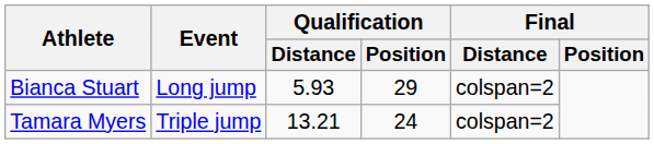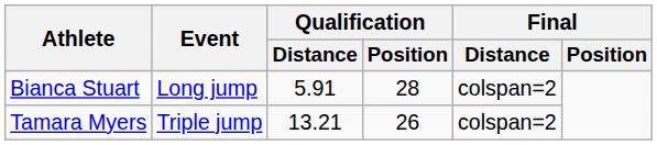 <table class=wikitable style=font-size:90%>
 <tr>
 <th rowspan=2>Athlete</th>
 <th rowspan=2>Event</th>
 <th colspan=2>Qualification</th>
 <th colspan=2>Final</th>
 </tr>
 <tr style=font-size:95%>
 <th>Distance</th>
 <th>Position</th>
 <th>Distance</th>
 <th>Position</th>
 </tr>
 <tr align=center>
 <td align=left><a href='#'>Bianca Stuart</a></td>
 <td align=left><a href='#'>Long jump</a></td>
-<td>5.93</td>
-<td>29</td>
+<td>5.91</td>
+<td>28</td>
 <td>colspan=2 </td>
 </tr>
 <tr align=center>
 <td align=left><a href='#'>Tamara Myers</a></td>
 <td align=left><a href='#'>Triple jump</a></td>
 <td>13.21</td>
-<td>24</td>
+<td>26</td>
 <td>colspan=2 </td>
 </tr>
 </table>
